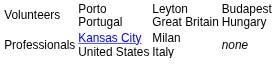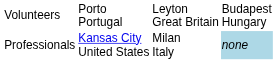 <table>
 <tr>
 <td>Volunteers</td>
 <td> Porto <br> Portugal</td>
 <td> Leyton <br> Great Britain</td>
 <td> Budapest <br> Hungary</td>
 </tr>
 <tr>
 <td>Professionals</td>
 <td> <a href='#'>Kansas City</a> <br> United States</td>
 <td> Milan <br> Italy</td>
-<td><em>none</em></td>
+<td style="background: lightblue;"><em>none</em></td>
 </tr>
 </table>
